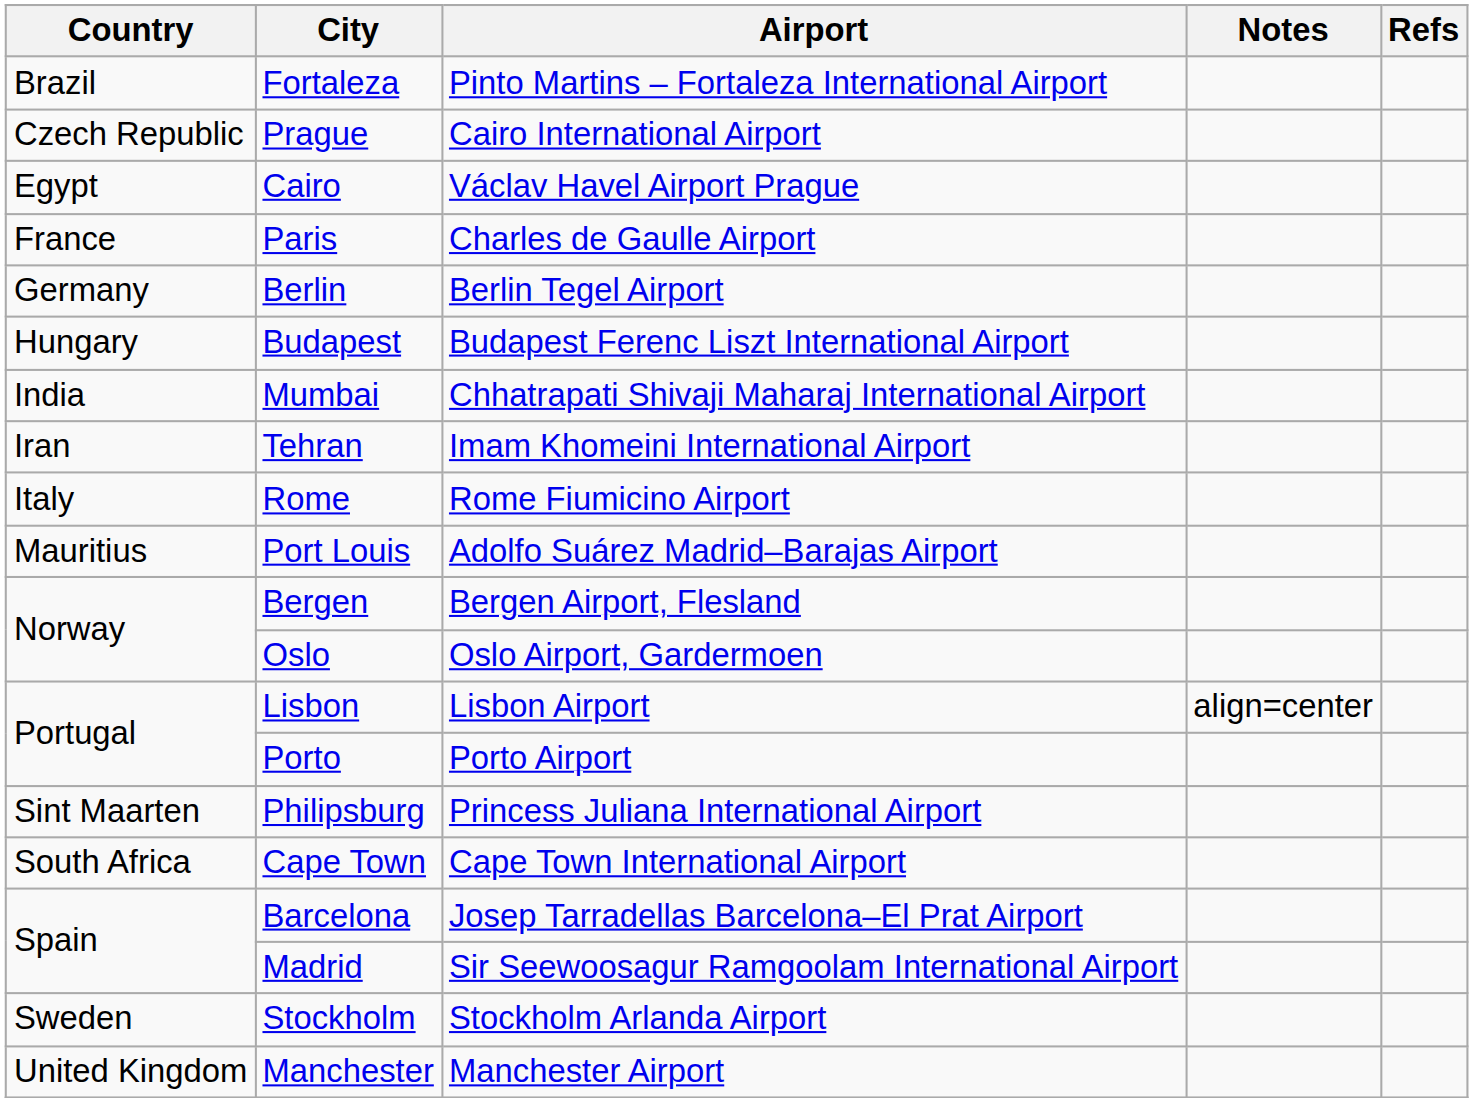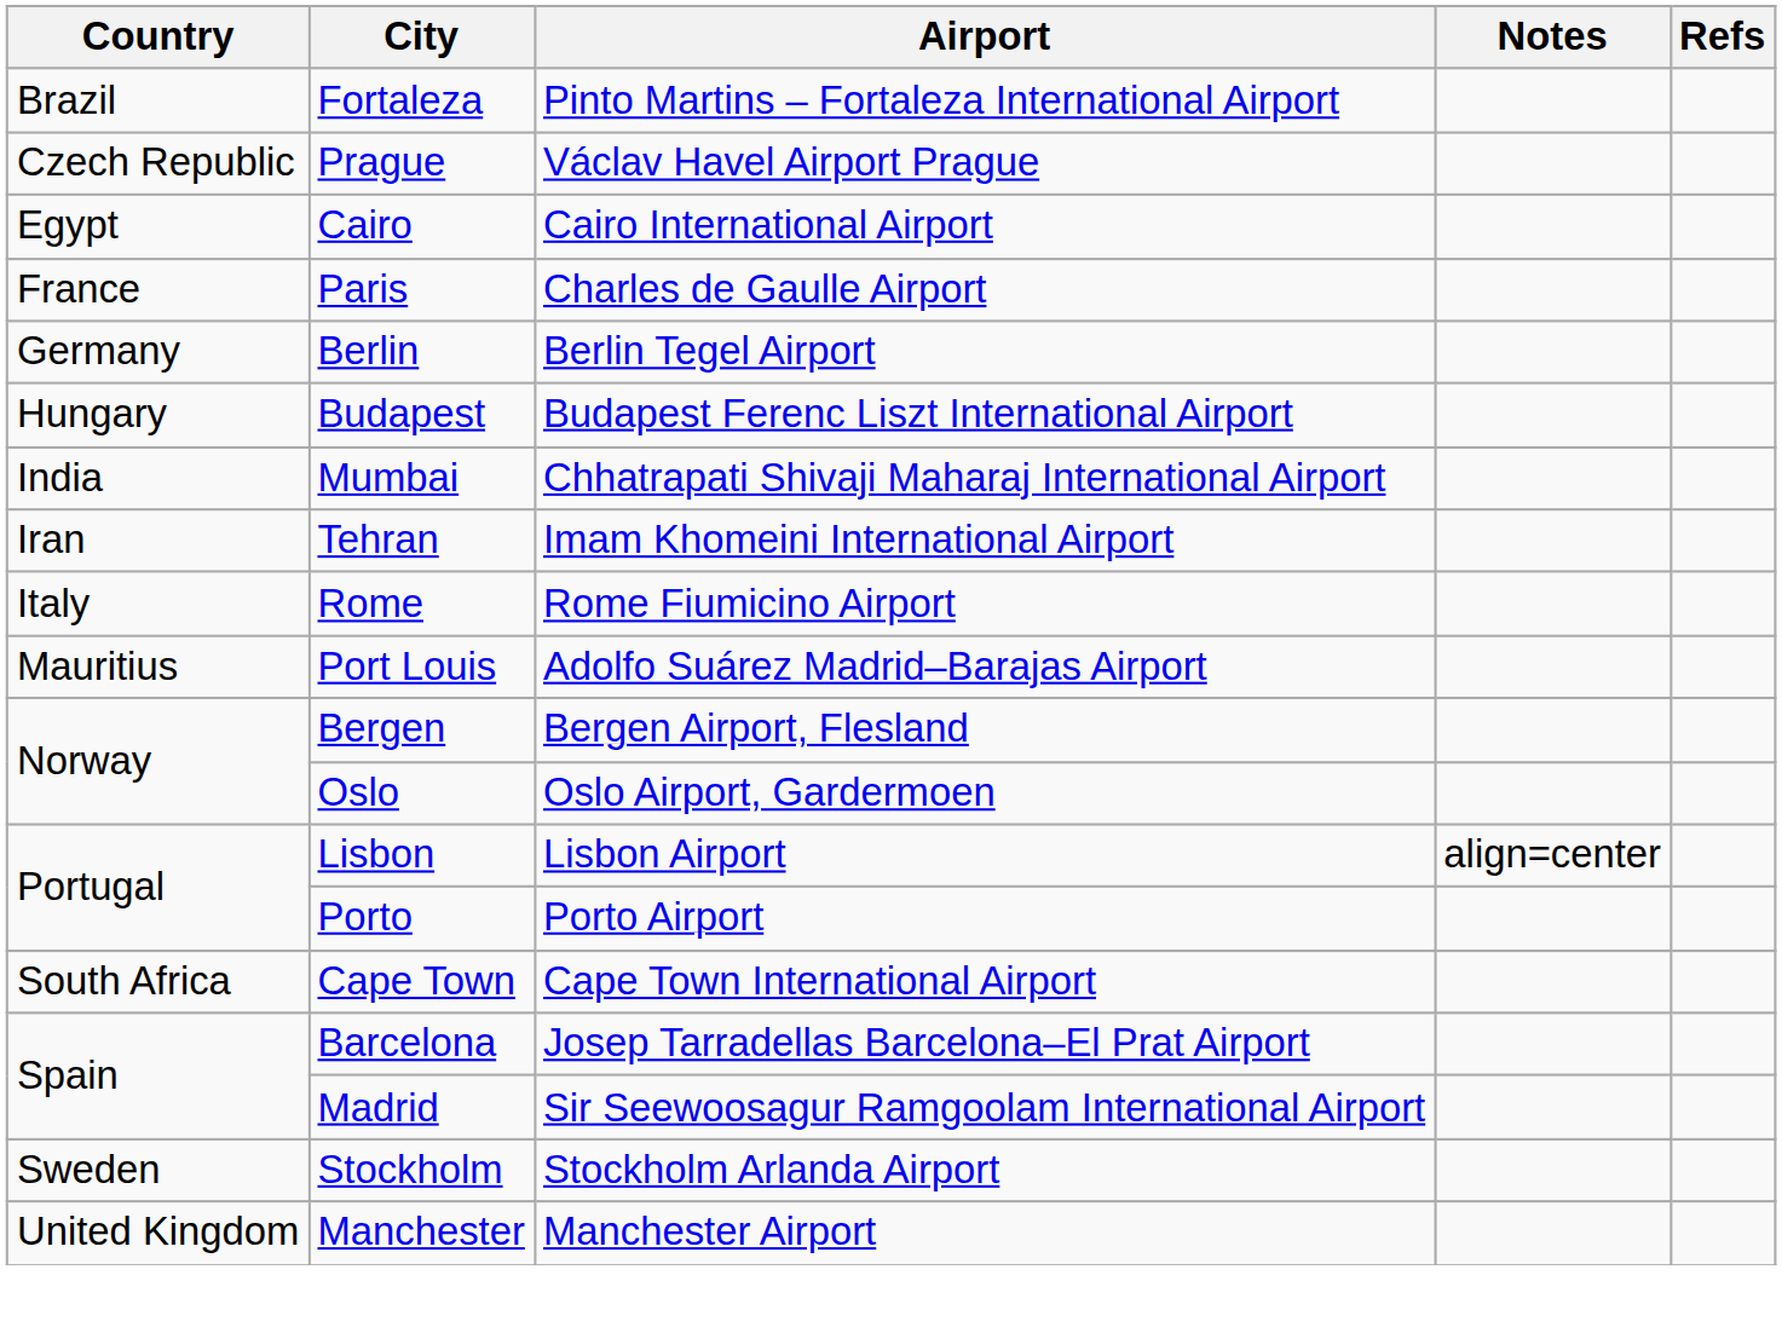 <table class="wikitable" style="margin-left: auto; margin-right: auto; margin: auto;">
 <tr>
 <th>Country</th>
 <th>City</th>
 <th>Airport</th>
 <th>Notes</th>
 <th>Refs</th>
 </tr>
 <tr>
 <td>Brazil</td>
 <td><a href='#'>Fortaleza</a></td>
 <td><a href='#'>Pinto Martins – Fortaleza International Airport</a></td>
 <td></td>
 <td align=center></td>
 </tr>
 <tr>
 <td>Czech Republic</td>
 <td><a href='#'>Prague</a></td>
-<td><a href='#'>Cairo International Airport</a></td>
+<td><a href='#'>Václav Havel Airport Prague</a></td>
 <td></td>
 <td align=center></td>
 </tr>
 <tr>
 <td>Egypt</td>
 <td><a href='#'>Cairo</a></td>
-<td><a href='#'>Václav Havel Airport Prague</a></td>
+<td><a href='#'>Cairo International Airport</a></td>
 <td></td>
 <td align=center></td>
 </tr>
 <tr>
 <td>France</td>
 <td><a href='#'>Paris</a></td>
 <td><a href='#'>Charles de Gaulle Airport</a></td>
 <td></td>
 <td align=center></td>
 </tr>
 <tr>
 <td>Germany</td>
 <td><a href='#'>Berlin</a></td>
 <td><a href='#'>Berlin Tegel Airport</a></td>
 <td></td>
 <td align=center></td>
 </tr>
 <tr>
 <td>Hungary</td>
 <td><a href='#'>Budapest</a></td>
 <td><a href='#'>Budapest Ferenc Liszt International Airport</a></td>
 <td></td>
 <td></td>
 </tr>
 <tr>
 <td>India</td>
 <td><a href='#'>Mumbai</a></td>
 <td><a href='#'>Chhatrapati Shivaji Maharaj International Airport</a></td>
 <td></td>
 <td align=center></td>
 </tr>
 <tr>
 <td>Iran</td>
 <td><a href='#'>Tehran</a></td>
 <td><a href='#'>Imam Khomeini International Airport</a></td>
 <td></td>
 <td align=center></td>
 </tr>
 <tr>
 <td>Italy</td>
 <td><a href='#'>Rome</a></td>
 <td><a href='#'>Rome Fiumicino Airport</a></td>
 <td></td>
 <td align=center></td>
 </tr>
 <tr>
 <td>Mauritius</td>
 <td><a href='#'>Port Louis</a></td>
 <td><a href='#'>Adolfo Suárez Madrid–Barajas Airport</a></td>
 <td></td>
 <td align=center></td>
 </tr>
 <tr>
 <td rowspan="2">Norway</td>
 <td><a href='#'>Bergen</a></td>
 <td><a href='#'>Bergen Airport, Flesland</a></td>
 <td></td>
 <td align=center></td>
 </tr>
 <tr>
 <td><a href='#'>Oslo</a></td>
 <td><a href='#'>Oslo Airport, Gardermoen</a></td>
 <td></td>
 <td align=center></td>
 </tr>
 <tr>
 <td rowspan="2">Portugal</td>
 <td><a href='#'>Lisbon</a></td>
 <td><a href='#'>Lisbon Airport</a></td>
 <td>align=center </td>
 <td align=center></td>
 </tr>
 <tr>
 <td><a href='#'>Porto</a></td>
 <td><a href='#'>Porto Airport</a></td>
 <td></td>
 <td align=center></td>
 </tr>
 <tr>
-<td>Sint Maarten</td>
-<td><a href='#'>Philipsburg</a></td>
-<td><a href='#'>Princess Juliana International Airport</a></td>
-<td></td>
-<td align=center></td>
-</tr>
-<tr>
 <td>South Africa</td>
 <td><a href='#'>Cape Town</a></td>
 <td><a href='#'>Cape Town International Airport</a></td>
 <td></td>
 <td align=center></td>
 </tr>
 <tr>
 <td rowspan="2">Spain</td>
 <td><a href='#'>Barcelona</a></td>
 <td><a href='#'>Josep Tarradellas Barcelona–El Prat Airport</a></td>
 <td></td>
 <td align=center></td>
 </tr>
 <tr>
 <td><a href='#'>Madrid</a></td>
 <td><a href='#'>Sir Seewoosagur Ramgoolam International Airport</a></td>
 <td></td>
 <td align=center></td>
 </tr>
 <tr>
 <td>Sweden</td>
 <td><a href='#'>Stockholm</a></td>
 <td><a href='#'>Stockholm Arlanda Airport</a></td>
 <td></td>
 <td align=center></td>
 </tr>
 <tr>
 <td>United Kingdom</td>
 <td><a href='#'>Manchester</a></td>
 <td><a href='#'>Manchester Airport</a></td>
 <td></td>
 <td align=center></td>
 </tr>
 <tr>
 </tr>
 </table>
